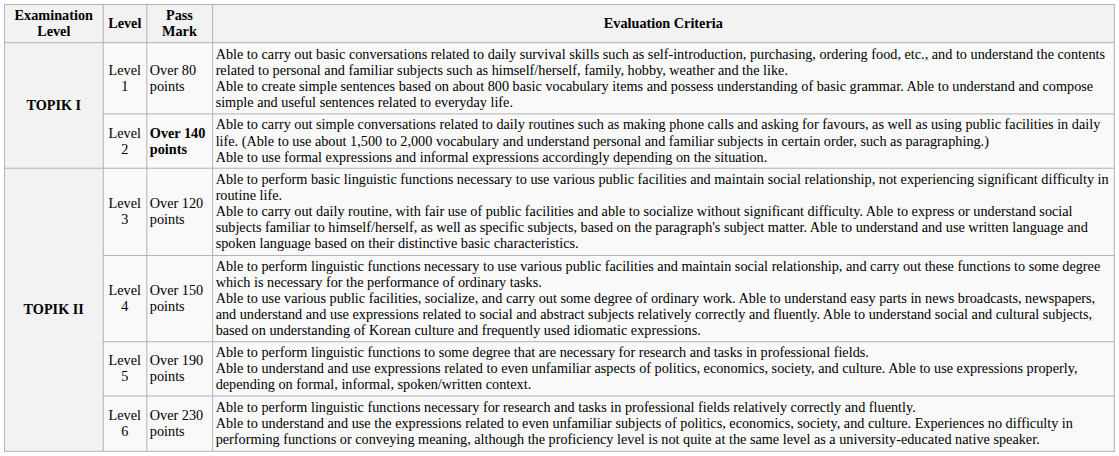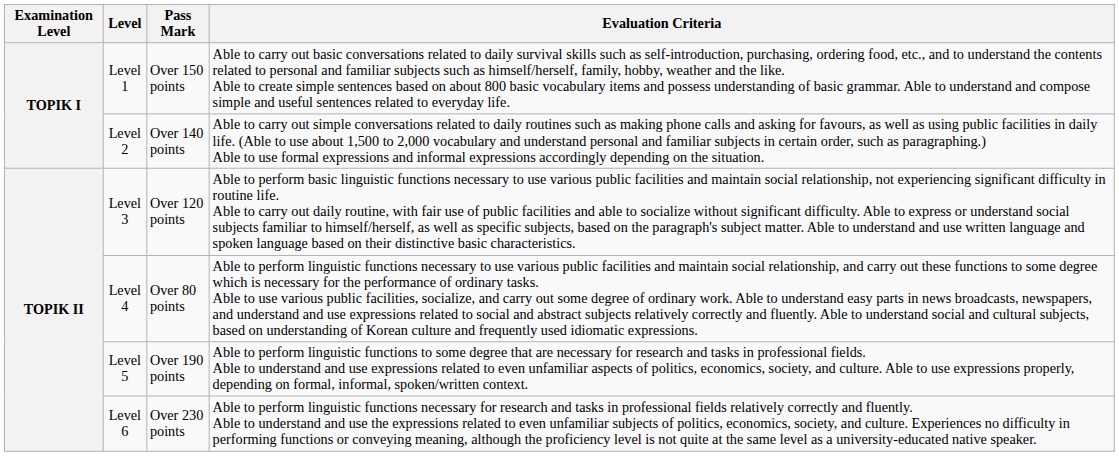 <table - class="wikitable">
 <tr>
 <th>Examination Level</th>
 <th>Level</th>
 <th>Pass Mark</th>
 <th>Evaluation Criteria</th>
 </tr>
 <tr>
 <th ROWSPAN="2" ALIGN="center">TOPIK I</th>
 <td align="center">Level 1</td>
-<td>Over 80 points</td>
+<td>Over 150 points</td>
 <td>Able to carry out basic conversations related to daily survival skills such as self-introduction, purchasing, ordering food, etc., and to understand the contents related to personal and familiar subjects such as himself/herself, family, hobby, weather and the like.<br>Able to create simple sentences based on about 800 basic vocabulary items and possess understanding of basic grammar. Able to understand and compose simple and useful sentences related to everyday life.</td>
 </tr>
 <tr>
 <td align="center">Level 2</td>
-<td><strong>Over 140 points</strong></td>
+<td>Over 140 points</td>
 <td>Able to carry out simple conversations related to daily routines such as making phone calls and asking for favours, as well as using public facilities in daily life. (Able to use about 1,500 to 2,000 vocabulary and understand personal and familiar subjects in certain order, such as paragraphing.)<br>Able to use formal expressions and informal expressions accordingly depending on the situation.</td>
 </tr>
 <tr>
 <th ROWSPAN="6" ALIGN="center">TOPIK II</th>
 <td align="center">Level 3</td>
 <td>Over 120 points</td>
 <td>Able to perform basic linguistic functions necessary to use various public facilities and maintain social relationship, not experiencing significant difficulty in routine life.<br>Able to carry out daily routine, with fair use of public facilities and able to socialize without significant difficulty. Able to express or understand social subjects familiar to himself/herself, as well as specific subjects, based on the paragraph's subject matter. Able to understand and use written language and spoken language based on their distinctive basic characteristics.</td>
 </tr>
 <tr>
 <td align="center">Level 4</td>
-<td>Over 150 points</td>
+<td>Over 80 points</td>
 <td>Able to perform linguistic functions necessary to use various public facilities and maintain social relationship, and carry out these functions to some degree which is necessary for the performance of ordinary tasks.<br>Able to use various public facilities, socialize, and carry out some degree of ordinary work. Able to understand easy parts in news broadcasts, newspapers, and understand and use expressions related to social and abstract subjects relatively correctly and fluently. Able to understand social and cultural subjects, based on understanding of Korean culture and frequently used idiomatic expressions.</td>
 </tr>
 <tr>
 <td ALIGN="center">Level 5</td>
 <td>Over 190 points</td>
 <td>Able to perform linguistic functions to some degree that are necessary for research and tasks in professional fields.<br>Able to understand and use expressions related to even unfamiliar aspects of politics, economics, society, and culture. Able to use expressions properly, depending on formal, informal, spoken/written context.</td>
 </tr>
 <tr>
 <td align="center">Level 6</td>
 <td>Over 230 points</td>
 <td>Able to perform linguistic functions necessary for research and tasks in professional fields relatively correctly and fluently.<br>Able to understand and use the expressions related to even unfamiliar subjects of politics, economics, society, and culture. Experiences no difficulty in performing functions or conveying meaning, although the proficiency level is not quite at the same level as a university-educated native speaker.</td>
 </tr>
 </table>
